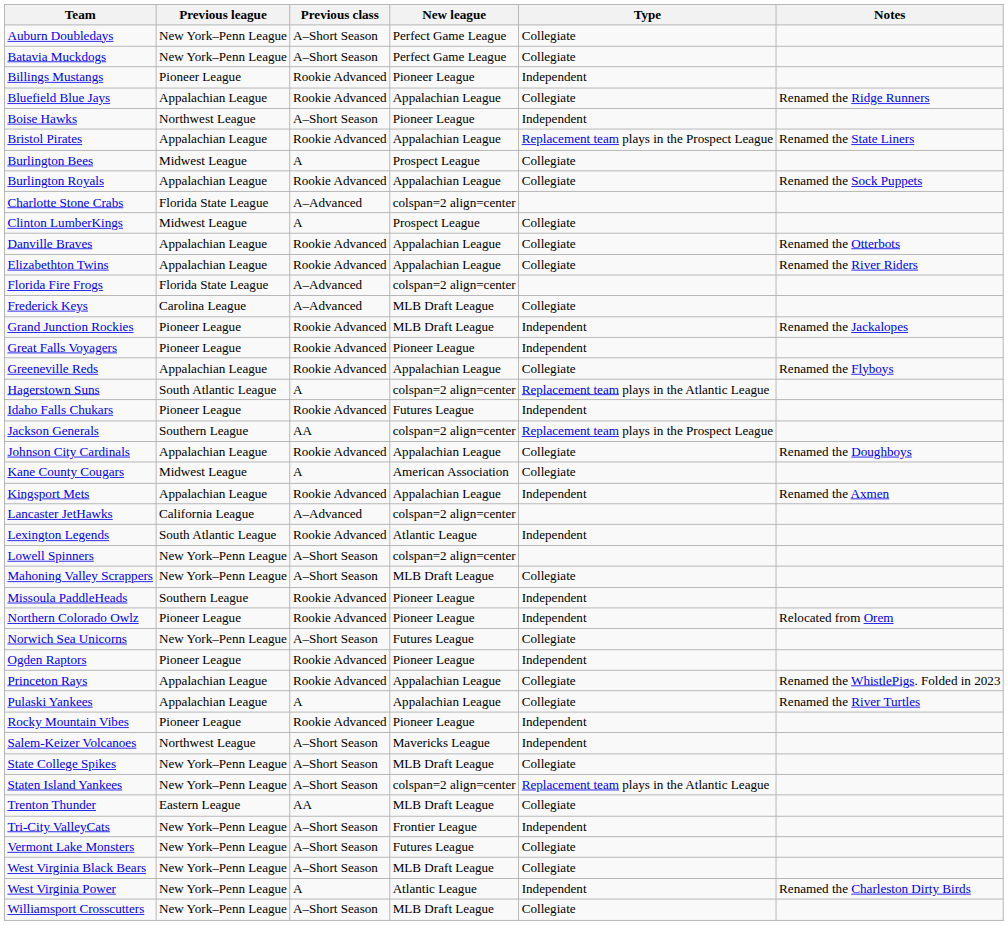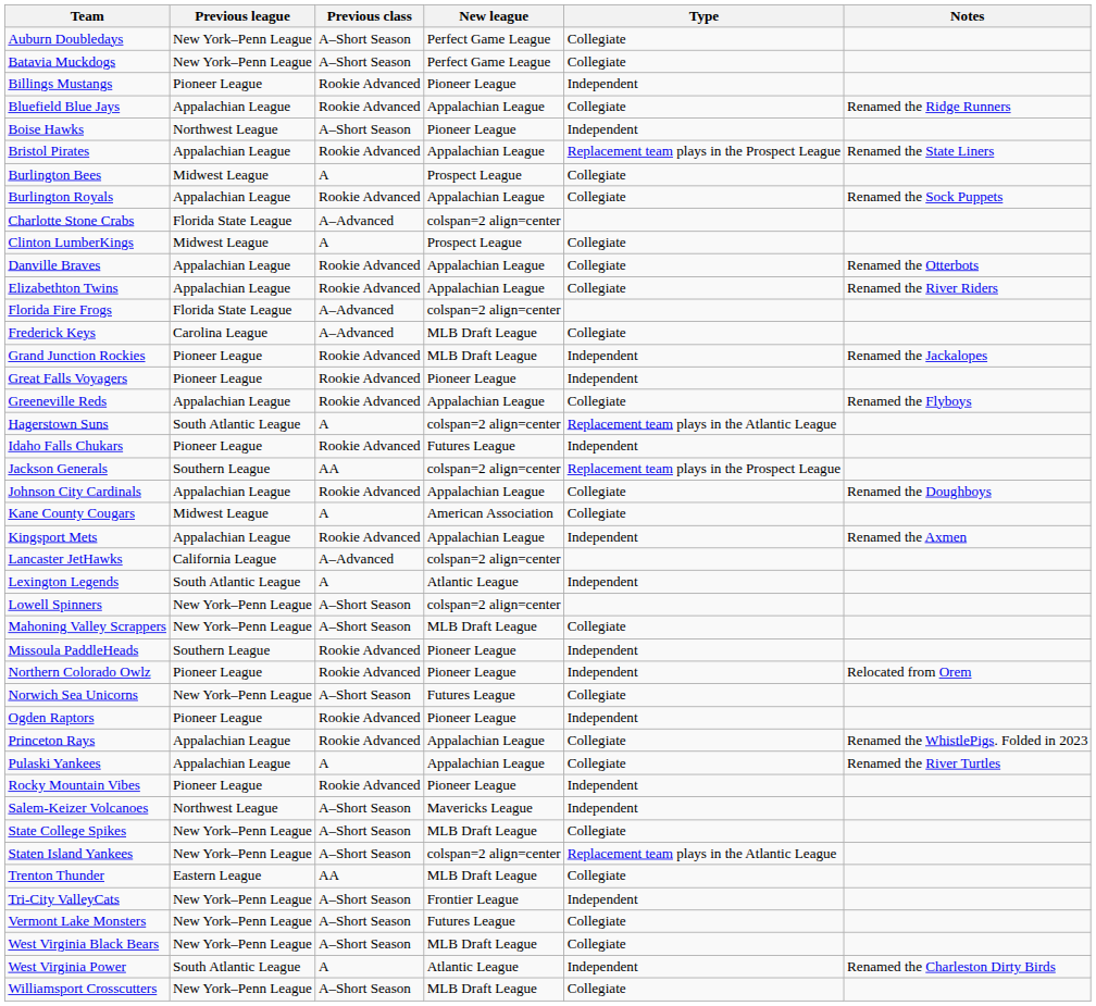 <table class="wikitable sortable">
 <tr>
 <th>Team</th>
 <th>Previous league</th>
 <th>Previous class</th>
 <th>New league</th>
 <th>Type</th>
 <th>Notes</th>
 </tr>
 <tr>
 <td><a href='#'>Auburn Doubledays</a></td>
 <td>New York–Penn League</td>
 <td>A–Short Season</td>
 <td>Perfect Game League</td>
 <td>Collegiate</td>
 <td></td>
 </tr>
 <tr>
 <td><a href='#'>Batavia Muckdogs</a></td>
 <td>New York–Penn League</td>
 <td>A–Short Season</td>
 <td>Perfect Game League</td>
 <td>Collegiate</td>
 <td></td>
 </tr>
 <tr>
 <td><a href='#'>Billings Mustangs</a></td>
 <td>Pioneer League</td>
 <td>Rookie Advanced</td>
 <td>Pioneer League</td>
 <td>Independent</td>
 <td></td>
 </tr>
 <tr>
 <td><a href='#'>Bluefield Blue Jays</a></td>
 <td>Appalachian League</td>
 <td>Rookie Advanced</td>
 <td>Appalachian League</td>
 <td>Collegiate</td>
 <td>Renamed the <a href='#'>Ridge Runners</a></td>
 </tr>
 <tr>
 <td><a href='#'>Boise Hawks</a></td>
 <td>Northwest League</td>
 <td>A–Short Season</td>
 <td>Pioneer League</td>
 <td>Independent</td>
 <td></td>
 </tr>
 <tr>
 <td><a href='#'>Bristol Pirates</a></td>
 <td>Appalachian League</td>
 <td>Rookie Advanced</td>
 <td>Appalachian League</td>
 <td><a href='#'>Replacement team</a> plays in the Prospect League</td>
 <td>Renamed the <a href='#'>State Liners</a></td>
 </tr>
 <tr>
 <td><a href='#'>Burlington Bees</a></td>
 <td>Midwest League</td>
 <td>A</td>
 <td>Prospect League</td>
 <td>Collegiate</td>
 <td></td>
 </tr>
 <tr>
 <td><a href='#'>Burlington Royals</a></td>
 <td>Appalachian League</td>
 <td>Rookie Advanced</td>
 <td>Appalachian League</td>
 <td>Collegiate</td>
 <td>Renamed the <a href='#'>Sock Puppets</a></td>
 </tr>
 <tr>
 <td><a href='#'>Charlotte Stone Crabs</a></td>
 <td>Florida State League</td>
 <td>A–Advanced</td>
 <td>colspan=2 align=center </td>
 <td></td>
 </tr>
 <tr>
 <td><a href='#'>Clinton LumberKings</a></td>
 <td>Midwest League</td>
 <td>A</td>
 <td>Prospect League</td>
 <td>Collegiate</td>
 <td></td>
 </tr>
 <tr>
 <td><a href='#'>Danville Braves</a></td>
 <td>Appalachian League</td>
 <td>Rookie Advanced</td>
 <td>Appalachian League</td>
 <td>Collegiate</td>
 <td>Renamed the <a href='#'>Otterbots</a></td>
 </tr>
 <tr>
 <td><a href='#'>Elizabethton Twins</a></td>
 <td>Appalachian League</td>
 <td>Rookie Advanced</td>
 <td>Appalachian League</td>
 <td>Collegiate</td>
 <td>Renamed the <a href='#'>River Riders</a></td>
 </tr>
 <tr>
 <td><a href='#'>Florida Fire Frogs</a></td>
 <td>Florida State League</td>
 <td>A–Advanced</td>
 <td>colspan=2 align=center </td>
 <td></td>
 </tr>
 <tr>
 <td><a href='#'>Frederick Keys</a></td>
 <td>Carolina League</td>
 <td>A–Advanced</td>
 <td>MLB Draft League</td>
 <td>Collegiate</td>
 <td></td>
 </tr>
 <tr>
 <td><a href='#'>Grand Junction Rockies</a></td>
 <td>Pioneer League</td>
 <td>Rookie Advanced</td>
 <td>MLB Draft League</td>
 <td>Independent</td>
 <td>Renamed the <a href='#'>Jackalopes</a></td>
 </tr>
 <tr>
 <td><a href='#'>Great Falls Voyagers</a></td>
 <td>Pioneer League</td>
 <td>Rookie Advanced</td>
 <td>Pioneer League</td>
 <td>Independent</td>
 <td></td>
 </tr>
 <tr>
 <td><a href='#'>Greeneville Reds</a></td>
 <td>Appalachian League</td>
 <td>Rookie Advanced</td>
 <td>Appalachian League</td>
 <td>Collegiate</td>
 <td>Renamed the <a href='#'>Flyboys</a></td>
 </tr>
 <tr>
 <td><a href='#'>Hagerstown Suns</a></td>
 <td>South Atlantic League</td>
 <td>A</td>
 <td>colspan=2 align=center </td>
 <td><a href='#'>Replacement team</a> plays in the Atlantic League</td>
 </tr>
 <tr>
 <td><a href='#'>Idaho Falls Chukars</a></td>
 <td>Pioneer League</td>
 <td>Rookie Advanced</td>
 <td>Futures League</td>
 <td>Independent</td>
 <td></td>
 </tr>
 <tr>
 <td><a href='#'>Jackson Generals</a></td>
 <td>Southern League</td>
 <td>AA</td>
 <td>colspan=2 align=center </td>
 <td><a href='#'>Replacement team</a> plays in the Prospect League</td>
 </tr>
 <tr>
 <td><a href='#'>Johnson City Cardinals</a></td>
 <td>Appalachian League</td>
 <td>Rookie Advanced</td>
 <td>Appalachian League</td>
 <td>Collegiate</td>
 <td>Renamed the <a href='#'>Doughboys</a></td>
 </tr>
 <tr>
 <td><a href='#'>Kane County Cougars</a></td>
 <td>Midwest League</td>
 <td>A</td>
 <td>American Association</td>
 <td>Collegiate</td>
 <td></td>
 </tr>
 <tr>
 <td><a href='#'>Kingsport Mets</a></td>
 <td>Appalachian League</td>
 <td>Rookie Advanced</td>
 <td>Appalachian League</td>
 <td>Independent</td>
 <td>Renamed the <a href='#'>Axmen</a></td>
 </tr>
 <tr>
 <td><a href='#'>Lancaster JetHawks</a></td>
 <td>California League</td>
 <td>A–Advanced</td>
 <td>colspan=2 align=center </td>
 <td></td>
 </tr>
 <tr>
 <td><a href='#'>Lexington Legends</a></td>
 <td>South Atlantic League</td>
-<td>Rookie Advanced</td>
+<td>A</td>
 <td>Atlantic League</td>
 <td>Independent</td>
 <td></td>
 </tr>
 <tr>
 <td><a href='#'>Lowell Spinners</a></td>
 <td>New York–Penn League</td>
 <td>A–Short Season</td>
 <td>colspan=2 align=center </td>
 <td></td>
 </tr>
 <tr>
 <td><a href='#'>Mahoning Valley Scrappers</a></td>
 <td>New York–Penn League</td>
 <td>A–Short Season</td>
 <td>MLB Draft League</td>
 <td>Collegiate</td>
 <td></td>
 </tr>
 <tr>
 <td><a href='#'>Missoula PaddleHeads</a></td>
 <td>Southern League</td>
 <td>Rookie Advanced</td>
 <td>Pioneer League</td>
 <td>Independent</td>
 <td></td>
 </tr>
 <tr>
 <td><a href='#'>Northern Colorado Owlz</a></td>
 <td>Pioneer League</td>
 <td>Rookie Advanced</td>
 <td>Pioneer League</td>
 <td>Independent</td>
 <td>Relocated from <a href='#'>Orem</a></td>
 </tr>
 <tr>
 <td><a href='#'>Norwich Sea Unicorns</a></td>
 <td>New York–Penn League</td>
 <td>A–Short Season</td>
 <td>Futures League</td>
 <td>Collegiate</td>
 <td></td>
 </tr>
 <tr>
 <td><a href='#'>Ogden Raptors</a></td>
 <td>Pioneer League</td>
 <td>Rookie Advanced</td>
 <td>Pioneer League</td>
 <td>Independent</td>
 <td></td>
 </tr>
 <tr>
 <td><a href='#'>Princeton Rays</a></td>
 <td>Appalachian League</td>
 <td>Rookie Advanced</td>
 <td>Appalachian League</td>
 <td>Collegiate</td>
 <td>Renamed the <a href='#'>WhistlePigs</a>. Folded in 2023</td>
 </tr>
 <tr>
 <td><a href='#'>Pulaski Yankees</a></td>
 <td>Appalachian League</td>
 <td>A</td>
 <td>Appalachian League</td>
 <td>Collegiate</td>
 <td>Renamed the <a href='#'>River Turtles</a></td>
 </tr>
 <tr>
 <td><a href='#'>Rocky Mountain Vibes</a></td>
 <td>Pioneer League</td>
 <td>Rookie Advanced</td>
 <td>Pioneer League</td>
 <td>Independent</td>
 <td></td>
 </tr>
 <tr>
 <td><a href='#'>Salem-Keizer Volcanoes</a></td>
 <td>Northwest League</td>
 <td>A–Short Season</td>
 <td>Mavericks League</td>
 <td>Independent</td>
 <td></td>
 </tr>
 <tr>
 <td><a href='#'>State College Spikes</a></td>
 <td>New York–Penn League</td>
 <td>A–Short Season</td>
 <td>MLB Draft League</td>
 <td>Collegiate</td>
 <td></td>
 </tr>
 <tr>
 <td><a href='#'>Staten Island Yankees</a></td>
 <td>New York–Penn League</td>
 <td>A–Short Season</td>
 <td>colspan=2 align=center </td>
 <td><a href='#'>Replacement team</a> plays in the Atlantic League</td>
 </tr>
 <tr>
 <td><a href='#'>Trenton Thunder</a></td>
 <td>Eastern League</td>
 <td>AA</td>
 <td>MLB Draft League</td>
 <td>Collegiate</td>
 <td></td>
 </tr>
 <tr>
 <td><a href='#'>Tri-City ValleyCats</a></td>
 <td>New York–Penn League</td>
 <td>A–Short Season</td>
 <td>Frontier League</td>
 <td>Independent</td>
 <td></td>
 </tr>
 <tr>
 <td><a href='#'>Vermont Lake Monsters</a></td>
 <td>New York–Penn League</td>
 <td>A–Short Season</td>
 <td>Futures League</td>
 <td>Collegiate</td>
 <td></td>
 </tr>
 <tr>
 <td><a href='#'>West Virginia Black Bears</a></td>
 <td>New York–Penn League</td>
 <td>A–Short Season</td>
 <td>MLB Draft League</td>
 <td>Collegiate</td>
 <td></td>
 </tr>
 <tr>
 <td><a href='#'>West Virginia Power</a></td>
-<td>New York–Penn League</td>
+<td>South Atlantic League</td>
 <td>A</td>
 <td>Atlantic League</td>
 <td>Independent</td>
 <td>Renamed the <a href='#'>Charleston Dirty Birds</a></td>
 </tr>
 <tr>
 <td><a href='#'>Williamsport Crosscutters</a></td>
 <td>New York–Penn League</td>
 <td>A–Short Season</td>
 <td>MLB Draft League</td>
 <td>Collegiate</td>
 <td></td>
 </tr>
 </table>
